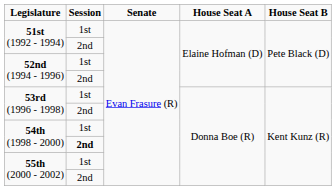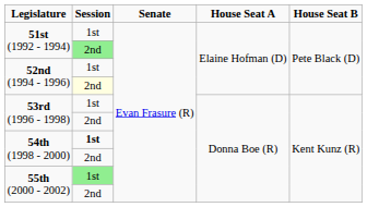 <table class=wikitable style="text-align:center">
 <tr>
 <td><strong>Legislature</strong></td>
 <td><strong>Session</strong></td>
 <td><strong>Senate</strong></td>
 <td><strong>House Seat A</strong></td>
 <td><strong>House Seat B</strong></td>
 </tr>
 <tr>
 <td rowspan="2" colspan="1" style="text-align: center;"><strong>51st</strong> <br> (1992 - 1994)</td>
 <td>1st</td>
 <td rowspan="10" colspan="1" style="text-align: center;" ><a href='#'>Evan Frasure</a> (R)</td>
 <td rowspan="4" colspan="1" style="text-align: center;" >Elaine Hofman (D)</td>
 <td rowspan="4" colspan="1" style="text-align: center;" >Pete Black (D)</td>
 </tr>
 <tr>
-<td>2nd</td>
+<td style="background: lightgreen;">2nd</td>
 </tr>
 <tr>
 <td rowspan="2" colspan="1" style="text-align: center;"><strong>52nd</strong> <br> (1994 - 1996)</td>
 <td>1st</td>
 </tr>
 <tr>
-<td>2nd</td>
+<td style="background: lightyellow;">2nd</td>
 </tr>
 <tr>
 <td rowspan="2" colspan="1" style="text-align: center;"><strong>53rd</strong> <br> (1996 - 1998)</td>
 <td>1st</td>
 <td rowspan="6" colspan="1" style="text-align: center;" >Donna Boe (R)</td>
 <td rowspan="6" colspan="1" style="text-align: center;" >Kent Kunz (R)</td>
 </tr>
 <tr>
 <td>2nd</td>
 </tr>
 <tr>
 <td rowspan="2" colspan="1" style="text-align: center;"><strong>54th</strong> <br> (1998 - 2000)</td>
-<td>1st</td>
+<td><strong>1st</strong></td>
 </tr>
 <tr>
-<td><strong>2nd</strong></td>
+<td>2nd</td>
 </tr>
 <tr>
 <td rowspan="2" colspan="1" style="text-align: center;"><strong>55th</strong> <br> (2000 - 2002)</td>
-<td>1st</td>
+<td style="background: lightgreen;">1st</td>
 </tr>
 <tr>
 <td>2nd</td>
 </tr>
 </table>
